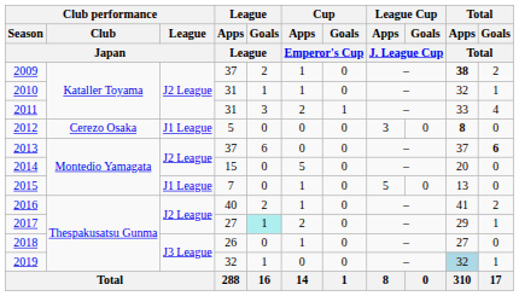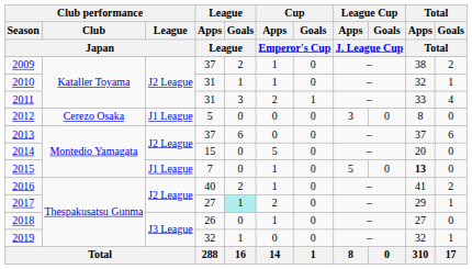 <table class="wikitable" style="text-align:center;">
 <tr>
 <th colspan=3>Club performance</th>
 <th colspan=2>League</th>
 <th colspan=2>Cup</th>
 <th colspan=2>League Cup</th>
 <th colspan=2>Total</th>
 </tr>
 <tr>
 <th>Season</th>
 <th>Club</th>
 <th>League</th>
 <th>Apps</th>
 <th>Goals</th>
 <th>Apps</th>
 <th>Goals</th>
 <th>Apps</th>
 <th>Goals</th>
 <th>Apps</th>
 <th>Goals</th>
 </tr>
 <tr>
 <th colspan=3>Japan</th>
 <th colspan=2>League</th>
 <th colspan=2><a href='#'>Emperor's Cup</a></th>
 <th colspan=2><a href='#'>J. League Cup</a></th>
 <th colspan=2>Total</th>
 </tr>
 <tr>
 <td><a href='#'>2009</a></td>
 <td rowspan="3"><a href='#'>Kataller Toyama</a></td>
 <td rowspan="3"><a href='#'>J2 League</a></td>
 <td>37</td>
 <td>2</td>
 <td>1</td>
 <td>0</td>
 <td colspan="2">–</td>
-<td><strong>38</strong></td>
+<td>38</td>
 <td>2</td>
 </tr>
 <tr>
 <td><a href='#'>2010</a></td>
 <td>31</td>
 <td>1</td>
 <td>1</td>
 <td>0</td>
 <td colspan="2">–</td>
 <td>32</td>
 <td>1</td>
 </tr>
 <tr>
 <td><a href='#'>2011</a></td>
 <td>31</td>
 <td>3</td>
 <td>2</td>
 <td>1</td>
 <td colspan="2">–</td>
 <td>33</td>
 <td>4</td>
 </tr>
 <tr>
 <td><a href='#'>2012</a></td>
 <td><a href='#'>Cerezo Osaka</a></td>
 <td><a href='#'>J1 League</a></td>
 <td>5</td>
 <td>0</td>
 <td>0</td>
 <td>0</td>
 <td>3</td>
 <td>0</td>
-<td><strong>8</strong></td>
+<td>8</td>
 <td>0</td>
 </tr>
 <tr>
 <td><a href='#'>2013</a></td>
 <td rowspan="3"><a href='#'>Montedio Yamagata</a></td>
 <td rowspan="2"><a href='#'>J2 League</a></td>
 <td>37</td>
 <td>6</td>
 <td>0</td>
 <td>0</td>
 <td colspan="2">–</td>
 <td>37</td>
-<td><strong>6</strong></td>
+<td>6</td>
 </tr>
 <tr>
 <td><a href='#'>2014</a></td>
 <td>15</td>
 <td>0</td>
 <td>5</td>
 <td>0</td>
 <td colspan="2">–</td>
 <td>20</td>
 <td>0</td>
 </tr>
 <tr>
 <td><a href='#'>2015</a></td>
 <td rowspan="1"><a href='#'>J1 League</a></td>
 <td>7</td>
 <td>0</td>
 <td>1</td>
 <td>0</td>
 <td>5</td>
 <td>0</td>
-<td>13</td>
+<td><strong>13</strong></td>
 <td>0</td>
 </tr>
 <tr>
 <td><a href='#'>2016</a></td>
 <td rowspan="4"><a href='#'>Thespakusatsu Gunma</a></td>
 <td rowspan="2"><a href='#'>J2 League</a></td>
 <td>40</td>
 <td>2</td>
 <td>1</td>
 <td>0</td>
 <td colspan="2">–</td>
 <td>41</td>
 <td>2</td>
 </tr>
 <tr>
 <td><a href='#'>2017</a></td>
 <td>27</td>
 <td style="background: paleturquoise;">1</td>
 <td>2</td>
 <td>0</td>
 <td colspan="2">–</td>
 <td>29</td>
 <td>1</td>
 </tr>
 <tr>
 <td><a href='#'>2018</a></td>
 <td rowspan="2"><a href='#'>J3 League</a></td>
 <td>26</td>
 <td>0</td>
 <td>1</td>
 <td>0</td>
 <td colspan="2">–</td>
 <td>27</td>
 <td>0</td>
 </tr>
 <tr>
 <td><a href='#'>2019</a></td>
 <td>32</td>
 <td>1</td>
 <td>0</td>
 <td>0</td>
 <td colspan="2">–</td>
-<td style="background: lightblue;">32</td>
+<td>32</td>
 <td>1</td>
 </tr>
 <tr>
 <th colspan=3>Total</th>
 <th>288</th>
 <th>16</th>
 <th>14</th>
 <th>1</th>
 <th>8</th>
 <th>0</th>
 <th>310</th>
 <th>17</th>
 </tr>
 </table>
